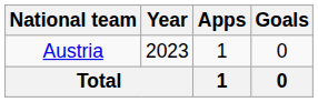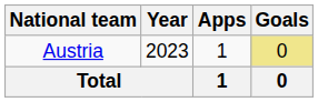 <table class="wikitable" style="text-align:center">
 <tr>
 <th>National team</th>
 <th>Year</th>
 <th>Apps</th>
 <th>Goals</th>
 </tr>
 <tr>
 <td rowspan="1"><a href='#'>Austria</a></td>
 <td>2023</td>
 <td>1</td>
-<td>0</td>
+<td style="background: khaki;">0</td>
 </tr>
 <tr>
 <th colspan="2">Total</th>
 <th>1</th>
 <th>0</th>
 </tr>
 </table>
